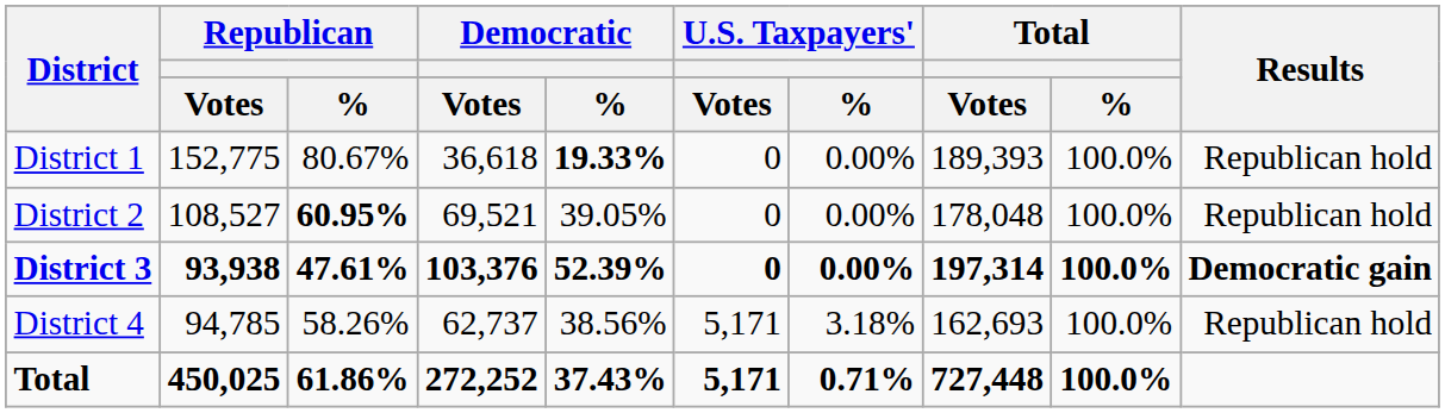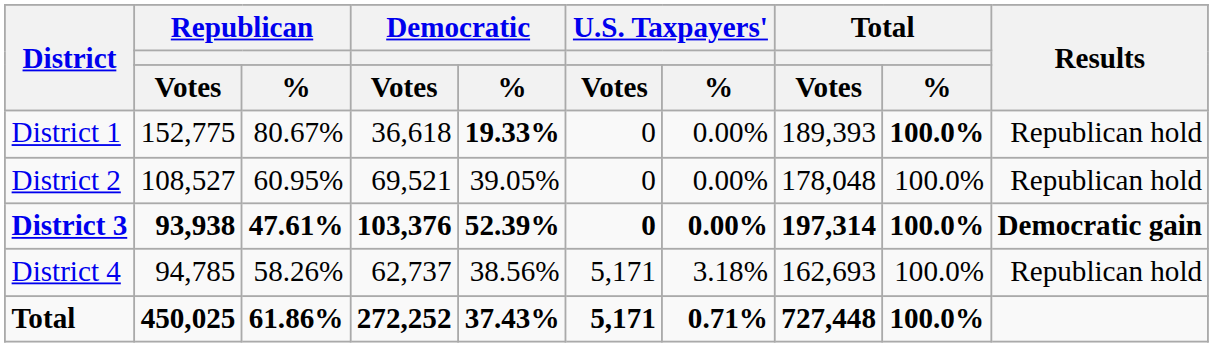 <table class="wikitable plainrowheaders sortable" style="font-size:100%; text-align:right;">
 <tr>
 <th scope=col rowspan=3><a href='#'>District</a></th>
 <th scope=col colspan=2><a href='#'>Republican</a></th>
 <th scope=col colspan=2><a href='#'>Democratic</a></th>
 <th scope=col colspan=2><a href='#'>U.S. Taxpayers'</a></th>
 <th scope=col colspan=2>Total</th>
 <th scope=col rowspan=3>Results</th>
 </tr>
 <tr>
 <th scope=col colspan=2 style="background:"></th>
 <th scope=col colspan=2 style="background:"></th>
 <th scope=col colspan=2 style="background:"></th>
 <th scope=col colspan=2></th>
 </tr>
 <tr>
 <th scope=col data-sort-type="number">Votes</th>
 <th scope=col data-sort-type="number">%</th>
 <th scope=col data-sort-type="number">Votes</th>
 <th scope=col data-sort-type="number">%</th>
 <th scope=col data-sort-type="number">Votes</th>
 <th scope=col data-sort-type="number">%</th>
 <th scope=col data-sort-type="number">Votes</th>
 <th scope=col data-sort-type="number">%</th>
 </tr>
 <tr>
 <td align=left><a href='#'>District 1</a></td>
 <td>152,775</td>
 <td>80.67%</td>
 <td>36,618</td>
 <td><strong>19.33%</strong></td>
 <td>0</td>
 <td>0.00%</td>
 <td>189,393</td>
-<td>100.0%</td>
+<td><strong>100.0%</strong></td>
 <td>Republican hold</td>
 </tr>
 <tr>
 <td align=left><a href='#'>District 2</a></td>
 <td>108,527</td>
-<td><strong>60.95%</strong></td>
+<td>60.95%</td>
 <td>69,521</td>
 <td>39.05%</td>
 <td>0</td>
 <td>0.00%</td>
 <td>178,048</td>
 <td>100.0%</td>
 <td>Republican hold</td>
 </tr>
 <tr>
 <td align=left><strong><a href='#'>District 3</a></strong></td>
 <td><strong>93,938</strong></td>
 <td><strong>47.61%</strong></td>
 <td><strong>103,376</strong></td>
 <td><strong>52.39%</strong></td>
 <td><strong>0</strong></td>
 <td><strong>0.00%</strong></td>
 <td><strong>197,314</strong></td>
 <td><strong>100.0%</strong></td>
 <td><strong>Democratic gain</strong></td>
 </tr>
 <tr>
 <td align=left><a href='#'>District 4</a></td>
 <td>94,785</td>
 <td>58.26%</td>
 <td>62,737</td>
 <td>38.56%</td>
 <td>5,171</td>
 <td>3.18%</td>
 <td>162,693</td>
 <td>100.0%</td>
 <td>Republican hold</td>
 </tr>
 <tr class="sortbottom" style="font-weight:bold">
 <td align=left>Total</td>
 <td>450,025</td>
 <td>61.86%</td>
 <td>272,252</td>
 <td>37.43%</td>
 <td>5,171</td>
 <td>0.71%</td>
 <td>727,448</td>
 <td>100.0%</td>
 <td></td>
 </tr>
 </table>
